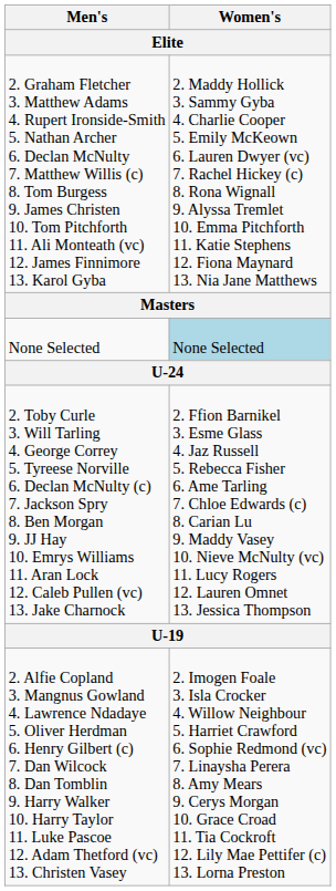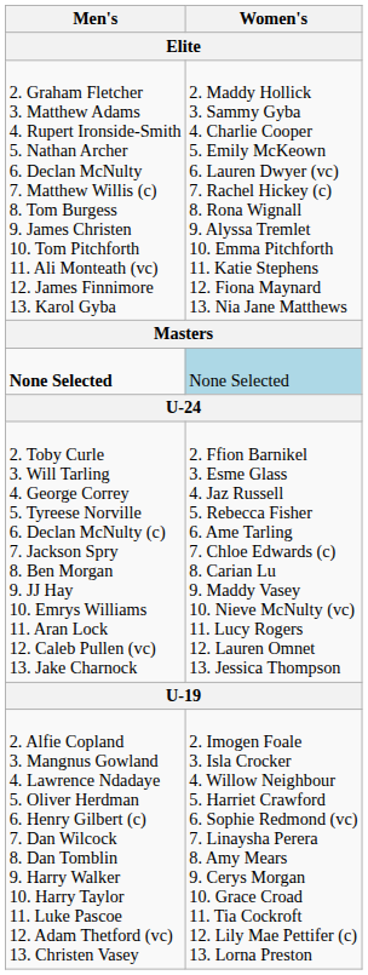 <table class="wikitable">
 <tr>
 <th>Men's</th>
 <th>Women's</th>
 </tr>
 <tr>
 <th colspan="2">Elite</th>
 </tr>
 <tr>
 <td><br>2. Graham Fletcher <br> 3. Matthew Adams <br> 4. Rupert Ironside-Smith <br> 5. Nathan Archer <br> 6. Declan McNulty <br> 7. Matthew Willis (c) <br> 8. Tom Burgess <br> 9. James Christen <br> 10. Tom Pitchforth <br> 11. Ali Monteath (vc) <br> 12. James Finnimore <br> 13. Karol Gyba</td>
 <td><br>2. Maddy Hollick <br> 3. Sammy Gyba <br> 4. Charlie Cooper <br> 5. Emily McKeown <br> 6. Lauren Dwyer (vc) <br> 7. Rachel Hickey (c) <br> 8. Rona Wignall <br> 9. Alyssa Tremlet <br> 10. Emma Pitchforth <br> 11. Katie Stephens <br> 12. Fiona Maynard <br> 13. Nia Jane Matthews</td>
 </tr>
 <tr>
 <th colspan="2">Masters</th>
 </tr>
 <tr>
-<td><br>None Selected</td>
+<td><strong><br>None Selected</strong></td>
 <td style="background: lightblue;"><br>None Selected</td>
 </tr>
 <tr>
 <th colspan="2">U-24</th>
 </tr>
 <tr>
 <td><br>2. Toby Curle <br> 3. Will Tarling <br> 4. George Correy <br> 5. Tyreese Norville <br> 6. Declan McNulty (c) <br> 7. Jackson Spry <br> 8. Ben Morgan <br> 9. JJ Hay <br> 10. Emrys Williams <br> 11. Aran Lock <br> 12. Caleb Pullen (vc) <br> 13. Jake Charnock</td>
 <td><br>2. Ffion Barnikel <br> 3. Esme Glass <br> 4. Jaz Russell <br> 5. Rebecca Fisher <br> 6. Ame Tarling <br> 7. Chloe Edwards (c) <br> 8. Carian Lu <br> 9. Maddy Vasey <br> 10. Nieve McNulty (vc) <br> 11. Lucy Rogers <br> 12. Lauren Omnet <br> 13. Jessica Thompson</td>
 </tr>
 <tr>
 <th colspan="2">U-19</th>
 </tr>
 <tr>
 <td><br>2. Alfie Copland <br> 3. Mangnus Gowland <br> 4. Lawrence Ndadaye <br> 5. Oliver Herdman <br> 6. Henry Gilbert (c) <br> 7. Dan Wilcock <br> 8. Dan Tomblin <br> 9. Harry Walker <br> 10. Harry Taylor <br> 11. Luke Pascoe <br> 12. Adam Thetford (vc) <br> 13. Christen Vasey</td>
 <td><br>2. Imogen Foale <br> 3. Isla Crocker <br> 4. Willow Neighbour <br> 5. Harriet Crawford <br> 6. Sophie Redmond (vc) <br> 7. Linaysha Perera <br> 8. Amy Mears <br> 9. Cerys Morgan <br> 10. Grace Croad <br> 11. Tia Cockroft <br> 12. Lily Mae Pettifer (c) <br> 13. Lorna Preston</td>
 </tr>
 </table>
